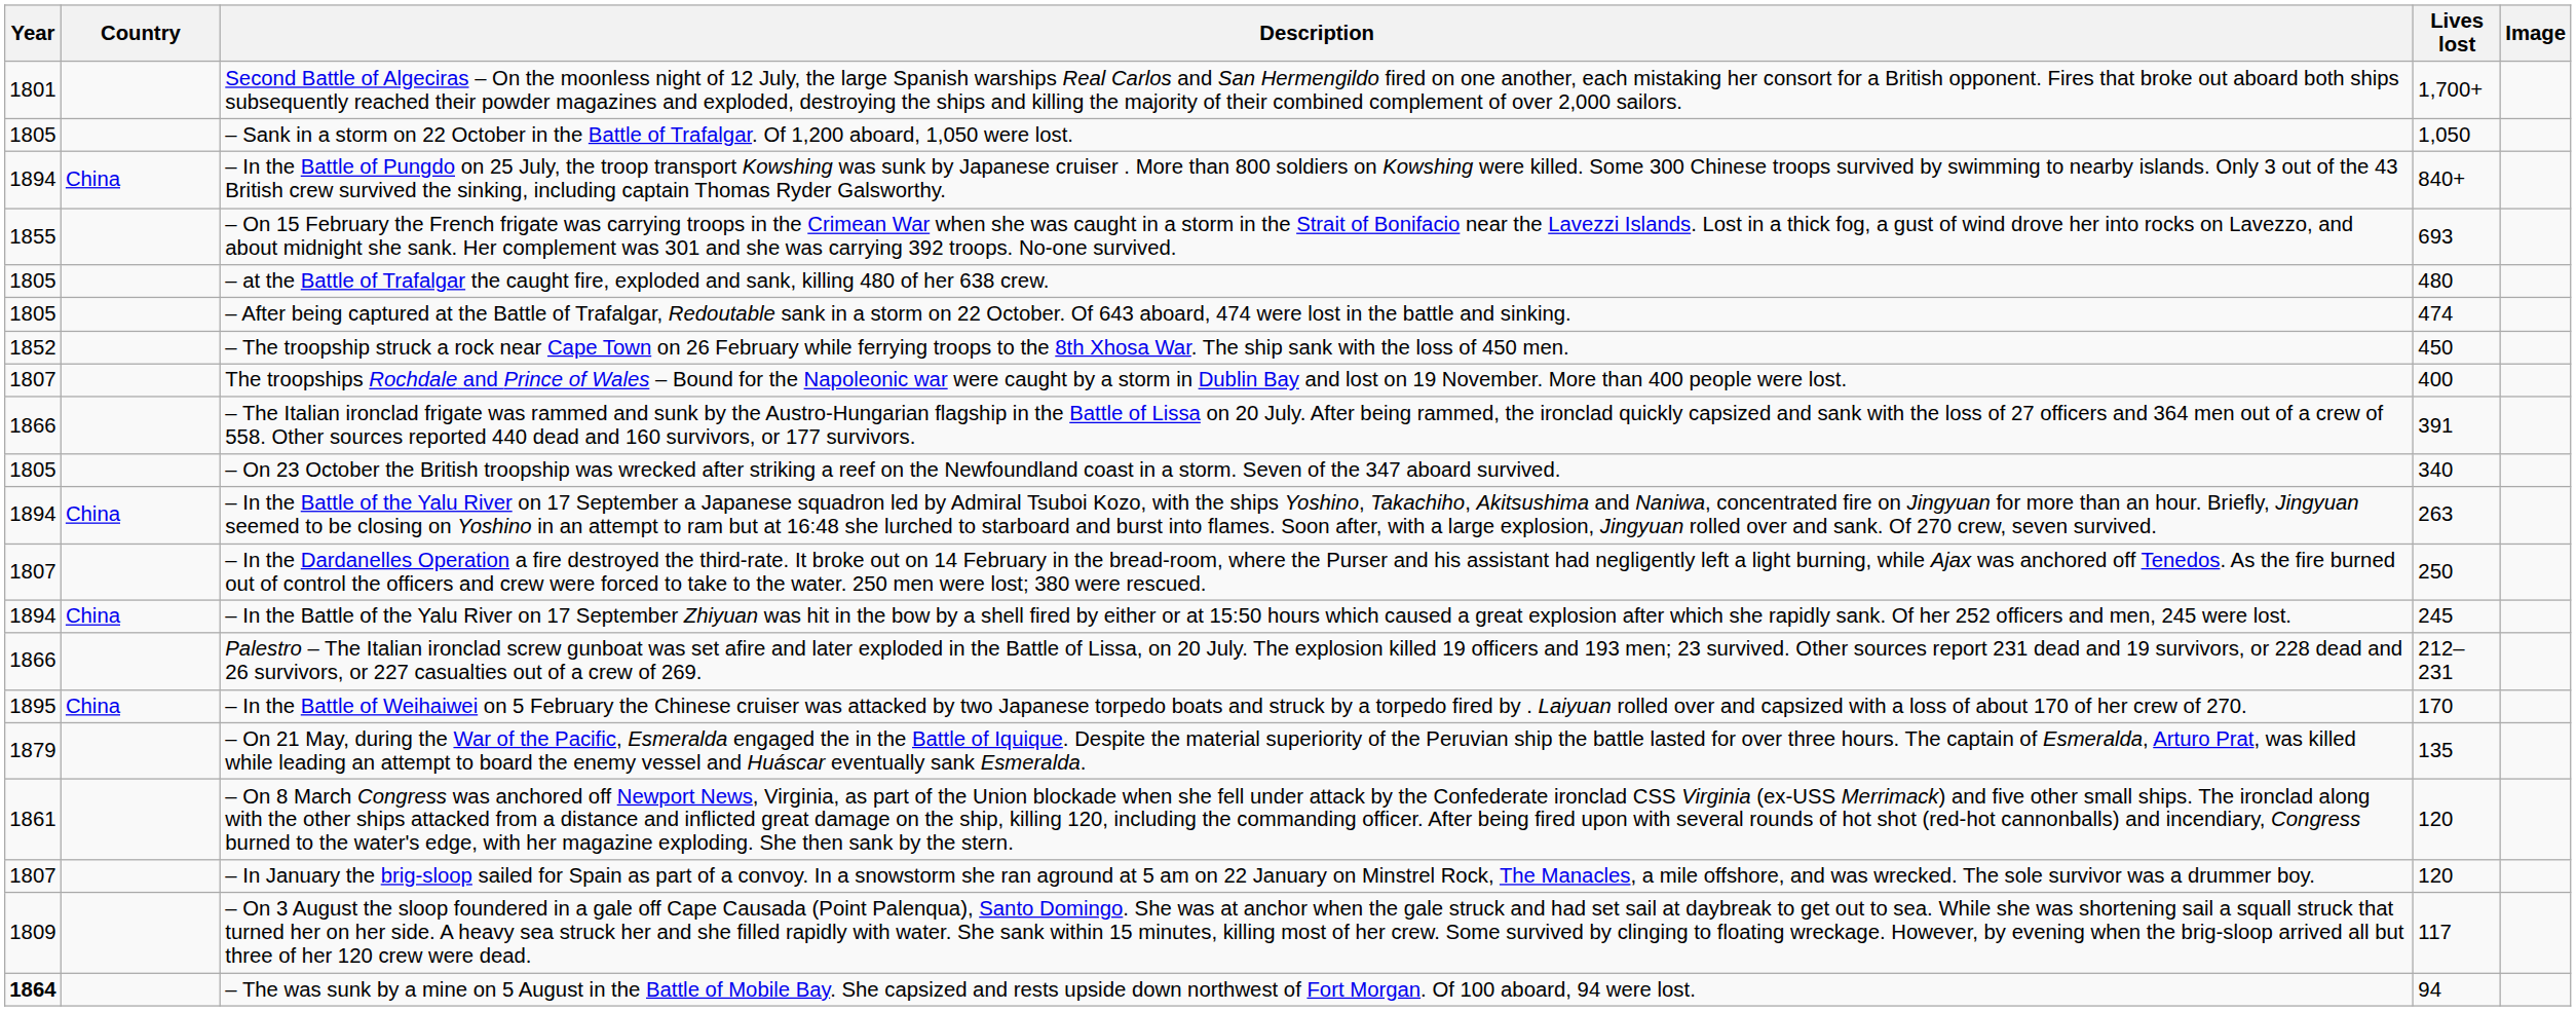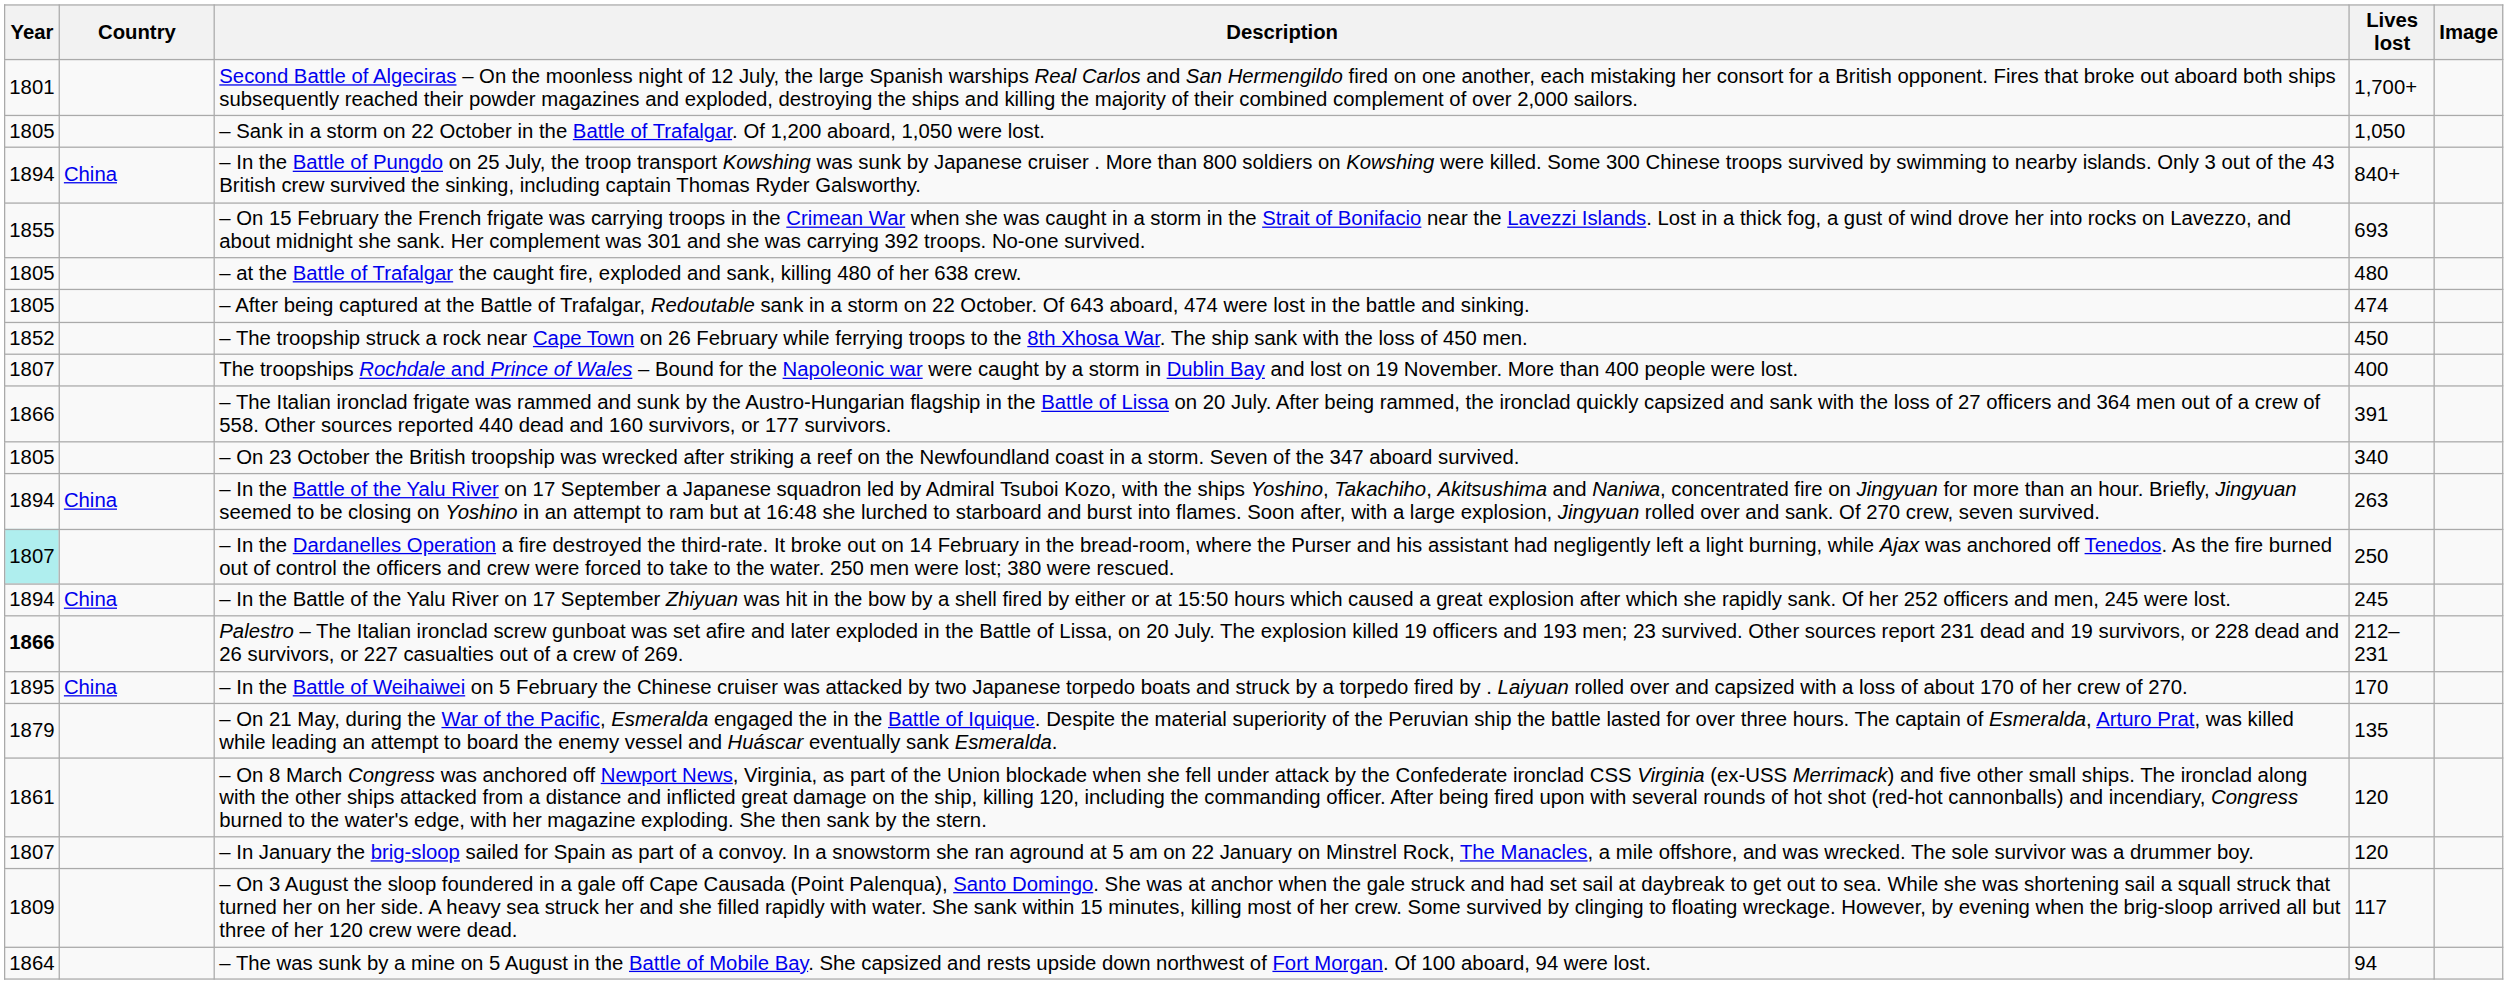 <table class="wikitable sortable" style="display: inline-table;">
 <tr>
 <th data-sort-type="number">Year</th>
 <th width="115">Country</th>
 <th>Description</th>
 <th data-sort-type="number">Lives lost</th>
 <th class="unsortable">Image</th>
 </tr>
 <tr>
 <td>1801</td>
 <td></td>
 <td><a href='#'>Second Battle of Algeciras</a> – On the moonless night of 12 July, the large Spanish warships <em>Real Carlos</em> and <em>San Hermengildo</em> fired on one another, each mistaking her consort for a British opponent. Fires that broke out aboard both ships subsequently reached their powder magazines and exploded, destroying the ships and killing the majority of their combined complement of over 2,000 sailors.</td>
 <td>1,700+</td>
 <td></td>
 </tr>
 <tr>
 <td>1805</td>
 <td></td>
 <td> – Sank in a storm on 22 October in the <a href='#'>Battle of Trafalgar</a>. Of 1,200 aboard, 1,050 were lost.</td>
 <td>1,050</td>
 <td></td>
 </tr>
 <tr>
 <td>1894</td>
 <td> <a href='#'>China</a></td>
 <td> – In the <a href='#'>Battle of Pungdo</a> on 25 July, the troop transport <em>Kowshing</em> was sunk by Japanese cruiser . More than 800 soldiers on <em>Kowshing</em> were killed. Some 300 Chinese troops survived by swimming to nearby islands. Only 3 out of the 43 British crew survived the sinking, including captain Thomas Ryder Galsworthy.</td>
 <td>840+</td>
 <td></td>
 </tr>
 <tr>
 <td>1855</td>
 <td></td>
 <td> – On 15 February the French frigate was carrying troops in the <a href='#'>Crimean War</a> when she was caught in a storm in the <a href='#'>Strait of Bonifacio</a> near the <a href='#'>Lavezzi Islands</a>. Lost in a thick fog, a gust of wind drove her into rocks on Lavezzo, and about midnight she sank. Her complement was 301 and she was carrying 392 troops. No-one survived.</td>
 <td>693</td>
 <td></td>
 </tr>
 <tr>
 <td>1805</td>
 <td></td>
 <td> – at the <a href='#'>Battle of Trafalgar</a> the  caught fire, exploded and sank, killing 480 of her 638 crew.</td>
 <td>480</td>
 <td></td>
 </tr>
 <tr>
 <td>1805</td>
 <td></td>
 <td> – After being captured at the Battle of Trafalgar, <em>Redoutable</em> sank in a storm on 22 October. Of 643 aboard, 474 were lost in the battle and sinking.</td>
 <td>474</td>
 <td></td>
 </tr>
 <tr>
 <td>1852</td>
 <td></td>
 <td> – The troopship struck a rock near <a href='#'>Cape Town</a> on 26 February while ferrying troops to the <a href='#'>8th Xhosa War</a>. The ship sank with the loss of 450 men.</td>
 <td>450</td>
 <td></td>
 </tr>
 <tr>
 <td>1807</td>
 <td></td>
 <td>The troopships <a href='#'><em>Rochdale</em> and <em>Prince of Wales</em></a> – Bound for the <a href='#'>Napoleonic war</a> were caught by a storm in <a href='#'>Dublin Bay</a> and lost on 19 November. More than 400 people were lost.</td>
 <td>400</td>
 <td></td>
 </tr>
 <tr>
 <td>1866</td>
 <td></td>
 <td> – The Italian ironclad frigate was rammed and sunk by the Austro-Hungarian flagship  in the <a href='#'>Battle of Lissa</a> on 20 July. After being rammed, the ironclad quickly capsized and sank with the loss of 27 officers and 364 men out of a crew of 558. Other sources reported 440 dead and 160 survivors, or 177 survivors.</td>
 <td>391</td>
 <td></td>
 </tr>
 <tr>
 <td>1805</td>
 <td></td>
 <td> – On 23 October the British troopship was wrecked after striking a reef on the Newfoundland coast in a storm. Seven of the 347 aboard survived.</td>
 <td>340</td>
 <td></td>
 </tr>
 <tr>
 <td>1894</td>
 <td> <a href='#'>China</a></td>
 <td> – In the <a href='#'>Battle of the Yalu River</a> on 17 September a Japanese squadron led by Admiral Tsuboi Kozo, with the ships <em>Yoshino</em>, <em>Takachiho</em>, <em>Akitsushima</em> and <em>Naniwa</em>, concentrated fire on <em>Jingyuan</em> for more than an hour. Briefly, <em>Jingyuan</em> seemed to be closing on <em>Yoshino</em> in an attempt to ram but at 16:48 she lurched to starboard and burst into flames. Soon after, with a large explosion, <em>Jingyuan</em> rolled over and sank. Of 270 crew, seven survived.</td>
 <td>263</td>
 <td></td>
 </tr>
 <tr>
-<td>1807</td>
+<td style="background: paleturquoise;">1807</td>
 <td></td>
 <td> – In the <a href='#'>Dardanelles Operation</a> a fire destroyed the third-rate. It broke out on 14 February in the bread-room, where the Purser and his assistant had negligently left a light burning, while <em>Ajax</em> was anchored off <a href='#'>Tenedos</a>. As the fire burned out of control the officers and crew were forced to take to the water. 250 men were lost; 380 were rescued.</td>
 <td>250</td>
 <td></td>
 </tr>
 <tr>
 <td>1894</td>
 <td> <a href='#'>China</a></td>
 <td> – In the Battle of the Yalu River on 17 September <em>Zhiyuan</em> was hit in the bow by a shell fired by either  or  at 15:50 hours which caused a great explosion after which she rapidly sank. Of her 252 officers and men, 245 were lost.</td>
 <td>245</td>
 <td></td>
 </tr>
 <tr>
-<td>1866</td>
+<td><strong>1866</strong></td>
 <td></td>
 <td><em>Palestro</em> – The Italian ironclad screw gunboat was set afire and later exploded in the Battle of Lissa, on 20 July. The explosion killed 19 officers and 193 men; 23 survived. Other sources report 231 dead and 19 survivors, or 228 dead and 26 survivors, or 227 casualties out of a crew of 269.</td>
 <td>212–231</td>
 </tr>
 <tr>
 <td>1895</td>
 <td> <a href='#'>China</a></td>
 <td> – In the <a href='#'>Battle of Weihaiwei</a> on 5 February the Chinese cruiser was attacked by two Japanese torpedo boats and struck by a torpedo fired by . <em>Laiyuan</em> rolled over and capsized with a loss of about 170 of her crew of 270.</td>
 <td>170</td>
 <td></td>
 </tr>
 <tr>
 <td>1879</td>
 <td></td>
 <td> – On 21 May, during the <a href='#'>War of the Pacific</a>, <em>Esmeralda</em> engaged the  in the <a href='#'>Battle of Iquique</a>. Despite the material superiority of the Peruvian ship the battle lasted for over three hours. The captain of <em>Esmeralda</em>, <a href='#'>Arturo Prat</a>, was killed while leading an attempt to board the enemy vessel and <em>Huáscar</em> eventually sank <em>Esmeralda</em>.</td>
 <td>135</td>
 <td></td>
 </tr>
 <tr>
 <td>1861</td>
 <td></td>
 <td> – On 8 March <em>Congress</em> was anchored off <a href='#'>Newport News</a>, Virginia, as part of the Union blockade when she fell under attack by the Confederate ironclad CSS <em>Virginia</em> (ex-USS <em>Merrimack</em>) and five other small ships. The ironclad along with the other ships attacked from a distance and inflicted great damage on the ship, killing 120, including the commanding officer. After being fired upon with several rounds of hot shot (red-hot cannonballs) and incendiary, <em>Congress</em> burned to the water's edge, with her magazine exploding. She then sank by the stern.</td>
 <td>120</td>
 <td></td>
 </tr>
 <tr>
 <td>1807</td>
 <td></td>
 <td> – In January the <a href='#'>brig-sloop</a> sailed for Spain as part of a convoy. In a snowstorm she ran aground at 5 am on 22 January on Minstrel Rock, <a href='#'>The Manacles</a>, a mile offshore, and was wrecked. The sole survivor was a drummer boy.</td>
 <td>120</td>
 <td></td>
 </tr>
 <tr>
 <td>1809</td>
 <td></td>
 <td> – On 3 August  the sloop foundered in a gale off Cape Causada (Point Palenqua), <a href='#'>Santo Domingo</a>. She was at anchor when the gale struck and had set sail at daybreak to get out to sea. While she was shortening sail a squall struck that turned her on her side. A heavy sea struck her and she filled rapidly with water. She sank within 15 minutes, killing most of her crew. Some survived by clinging to floating wreckage. However, by evening when the brig-sloop  arrived all but three of her 120 crew were dead.</td>
 <td>117</td>
 <td></td>
 </tr>
 <tr>
-<td><strong>1864</strong></td>
+<td>1864</td>
 <td></td>
 <td> – The  was sunk by a mine on 5 August in the <a href='#'>Battle of Mobile Bay</a>. She capsized and rests upside down northwest of <a href='#'>Fort Morgan</a>. Of 100 aboard, 94 were lost.</td>
 <td>94</td>
 <td></td>
 </tr>
 </table>
